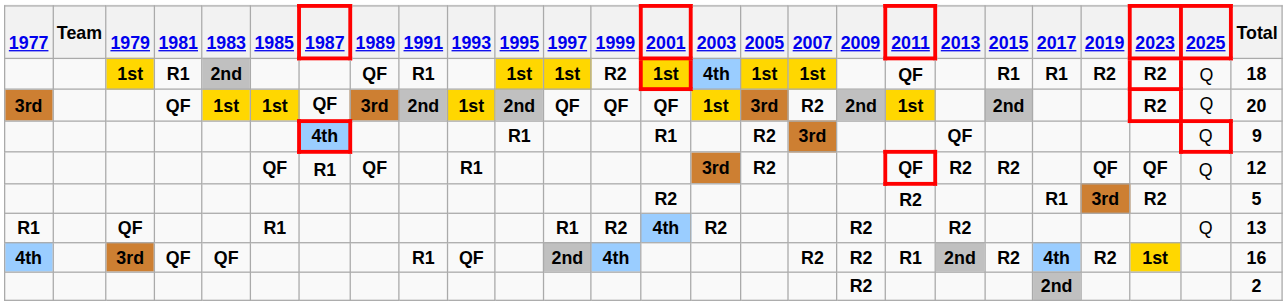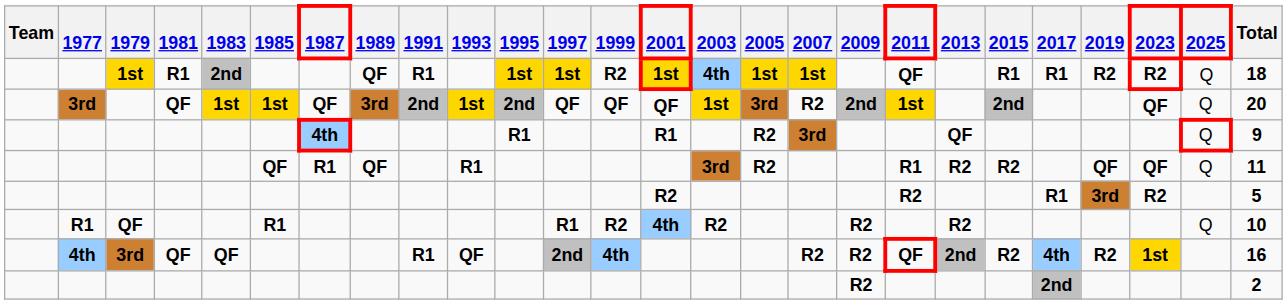 <table class="wikitable" style="text-align:center; font-size:87%">
 <tr>
+<th>Team</th>
 <th><br><a href='#'>1977</a></th>
-<th>Team</th>
 <th><br><a href='#'>1979</a></th>
 <th><br><a href='#'>1981</a></th>
 <th><br><a href='#'>1983</a></th>
 <th><br><a href='#'>1985</a></th>
 <th style="border:3px solid red"><br><a href='#'>1987</a></th>
 <th><br><a href='#'>1989</a></th>
 <th><br><a href='#'>1991</a></th>
 <th><br><a href='#'>1993</a></th>
 <th><br><a href='#'>1995</a></th>
 <th><br><a href='#'>1997</a></th>
 <th><br><a href='#'>1999</a></th>
 <th style="border:3px solid red"><br><a href='#'>2001</a></th>
 <th><br><a href='#'>2003</a></th>
 <th><br><a href='#'>2005</a></th>
 <th><br><a href='#'>2007</a></th>
 <th><br><a href='#'>2009</a></th>
 <th style="border:3px solid red"><br><a href='#'>2011</a></th>
 <th><br><a href='#'>2013</a></th>
 <th><br><a href='#'>2015</a></th>
 <th><br><a href='#'>2017</a></th>
 <th><br><a href='#'>2019</a></th>
 <th style="border:3px solid red"><br><a href='#'>2023</a></th>
 <th style="border:3px solid red"><br><a href='#'>2025</a></th>
 <th>Total</th>
 </tr>
 <tr>
+<td align=left></td>
 <td></td>
-<td align=left></td>
 <td style="background: gold"><strong>1st</strong></td>
 <td><strong>R1</strong></td>
 <td style="background:silver;"><strong>2nd</strong></td>
 <td></td>
 <td></td>
 <td><strong>QF</strong></td>
 <td><strong>R1</strong></td>
 <td></td>
 <td style="background: gold"><strong>1st</strong></td>
 <td style="background: gold"><strong>1st</strong></td>
 <td><strong>R2</strong></td>
 <td style="border: 3px solid red" bgcolor=gold><strong>1st</strong></td>
 <td style="background:#9acdff;"><strong>4th</strong></td>
 <td style="background: gold"><strong>1st</strong></td>
 <td style="background: gold"><strong>1st</strong></td>
 <td></td>
 <td><strong>QF</strong></td>
 <td></td>
 <td><strong>R1</strong></td>
 <td><strong>R1</strong></td>
 <td><strong>R2</strong></td>
 <td style="border: 3px solid red"><strong>R2</strong></td>
 <td>Q</td>
 <td><strong>18</strong></td>
 </tr>
 <tr>
+<td align=left></td>
 <td style="background:#cd7f32;"><strong>3rd</strong></td>
-<td align=left></td>
 <td></td>
 <td><strong>QF</strong></td>
 <td style="background: gold"><strong>1st</strong></td>
 <td style="background: gold"><strong>1st</strong></td>
 <td><strong>QF</strong></td>
 <td style="background:#cd7f32;"><strong>3rd</strong></td>
 <td style="background:silver;"><strong>2nd</strong></td>
 <td style="background: gold"><strong>1st</strong></td>
 <td style="background:silver;"><strong>2nd</strong></td>
 <td><strong>QF</strong></td>
 <td><strong>QF</strong></td>
 <td><strong>QF</strong></td>
 <td style="background: gold"><strong>1st</strong></td>
 <td style="background:#cd7f32;"><strong>3rd</strong></td>
 <td><strong>R2</strong></td>
 <td style="background:silver;"><strong>2nd</strong></td>
 <td style="background: gold"><strong>1st</strong></td>
 <td></td>
 <td style="background:silver;"><strong>2nd</strong></td>
 <td></td>
 <td></td>
-<td style="border: 3px solid red"><strong>R2</strong></td>
+<td><strong>QF</strong></td>
 <td>Q</td>
 <td><strong>20</strong></td>
 </tr>
 <tr>
+<td align=left></td>
 <td></td>
-<td align=left></td>
 <td></td>
 <td></td>
 <td></td>
 <td></td>
 <td style="border: 3px solid red" bgcolor="#9acdff"><strong>4th</strong></td>
 <td></td>
 <td></td>
 <td></td>
 <td><strong>R1</strong></td>
 <td></td>
 <td></td>
 <td><strong>R1</strong></td>
 <td></td>
 <td><strong>R2</strong></td>
 <td style="background:#cd7f32;"><strong>3rd</strong></td>
 <td></td>
 <td></td>
 <td><strong>QF</strong></td>
 <td></td>
 <td></td>
 <td></td>
 <td></td>
 <td style="border: 3px solid red">Q</td>
 <td><strong>9</strong></td>
 </tr>
 <tr>
+<td align=left></td>
 <td></td>
-<td align=left></td>
 <td></td>
 <td></td>
 <td></td>
 <td><strong>QF</strong></td>
 <td><strong>R1</strong></td>
 <td><strong>QF</strong></td>
 <td></td>
 <td><strong>R1</strong></td>
 <td></td>
 <td></td>
 <td></td>
 <td></td>
 <td style="background:#cd7f32;"><strong>3rd</strong></td>
 <td><strong>R2</strong></td>
 <td></td>
 <td></td>
-<td style="border: 3px solid red"><strong>QF</strong></td>
+<td><strong>R1</strong></td>
 <td><strong>R2</strong></td>
 <td><strong>R2</strong></td>
 <td></td>
 <td><strong>QF</strong></td>
 <td><strong>QF</strong></td>
 <td>Q</td>
-<td><strong>12</strong></td>
+<td><strong>11</strong></td>
 </tr>
 <tr>
+<td align=left></td>
 <td></td>
-<td align=left></td>
 <td></td>
 <td></td>
 <td></td>
 <td></td>
 <td></td>
 <td></td>
 <td></td>
 <td></td>
 <td></td>
 <td></td>
 <td></td>
 <td><strong>R2</strong></td>
 <td></td>
 <td></td>
 <td></td>
 <td></td>
 <td><strong>R2</strong></td>
 <td></td>
 <td></td>
 <td><strong>R1</strong></td>
 <td style="background:#cd7f32;"><strong>3rd</strong></td>
 <td><strong>R2</strong></td>
 <td></td>
 <td><strong>5</strong></td>
 </tr>
 <tr>
+<td align=left></td>
 <td><strong>R1</strong></td>
-<td align=left></td>
 <td><strong>QF</strong></td>
 <td></td>
 <td></td>
 <td><strong>R1</strong></td>
 <td></td>
 <td></td>
 <td></td>
 <td></td>
 <td></td>
 <td><strong>R1</strong></td>
 <td><strong>R2</strong></td>
 <td style="background:#9acdff;"><strong>4th</strong></td>
 <td><strong>R2</strong></td>
 <td></td>
 <td></td>
 <td><strong>R2</strong></td>
 <td></td>
 <td><strong>R2</strong></td>
 <td></td>
 <td></td>
 <td></td>
 <td></td>
 <td>Q</td>
-<td><strong>13</strong></td>
+<td><strong>10</strong></td>
 </tr>
 <tr>
+<td align=left></td>
 <td style="background:#9acdff;"><strong>4th</strong></td>
-<td align=left></td>
 <td style="background:#cd7f32;"><strong>3rd</strong></td>
 <td><strong>QF</strong></td>
 <td><strong>QF</strong></td>
 <td></td>
 <td></td>
 <td></td>
 <td><strong>R1</strong></td>
 <td><strong>QF</strong></td>
 <td></td>
 <td style="background:silver;"><strong>2nd</strong></td>
 <td style="background:#9acdff;"><strong>4th</strong></td>
 <td></td>
 <td></td>
 <td></td>
 <td><strong>R2</strong></td>
 <td><strong>R2</strong></td>
-<td><strong>R1</strong></td>
+<td style="border: 3px solid red"><strong>QF</strong></td>
 <td style="background:silver;"><strong>2nd</strong></td>
 <td><strong>R2</strong></td>
 <td style="background:#9acdff;"><strong>4th</strong></td>
 <td><strong>R2</strong></td>
 <td bgcolor=gold><strong>1st</strong></td>
 <td></td>
 <td><strong>16</strong></td>
 </tr>
 <tr>
+<td align=left></td>
 <td></td>
-<td align=left></td>
 <td></td>
 <td></td>
 <td></td>
 <td></td>
 <td></td>
 <td></td>
 <td></td>
 <td></td>
 <td></td>
 <td></td>
 <td></td>
 <td></td>
 <td></td>
 <td></td>
 <td></td>
 <td><strong>R2</strong></td>
 <td></td>
 <td></td>
 <td></td>
 <td style="background:silver;"><strong>2nd</strong></td>
 <td></td>
 <td></td>
 <td></td>
 <td><strong>2</strong></td>
 </tr>
 </table>
